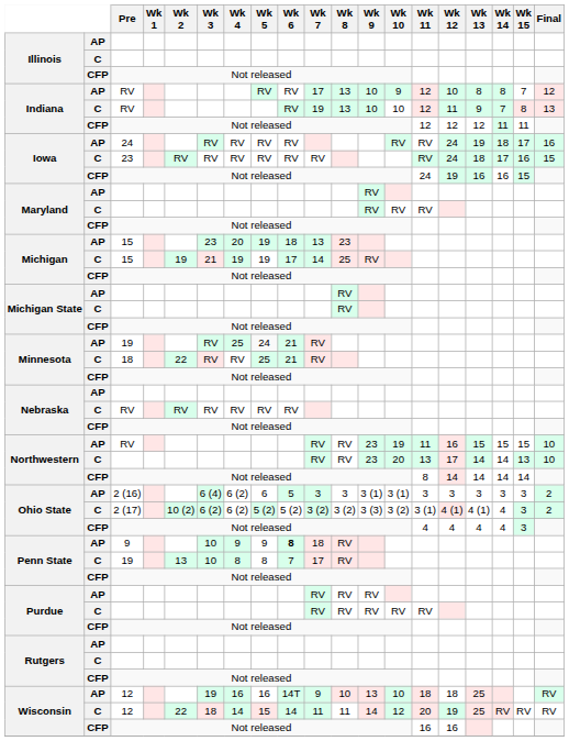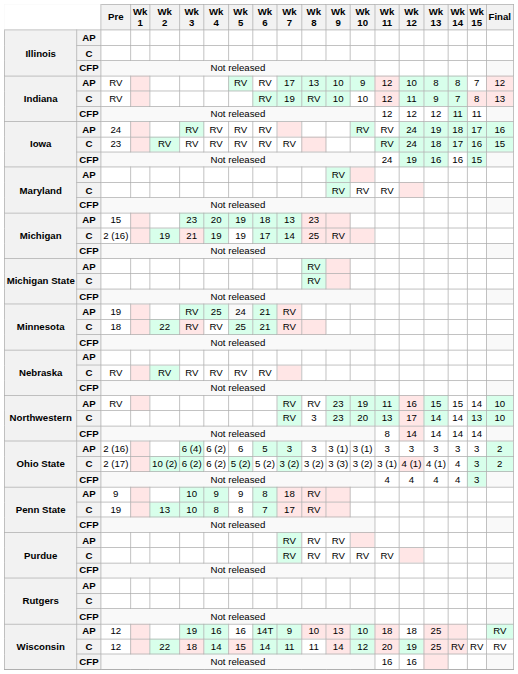 <table class="wikitable" style="white-space:nowrap;font-size:85%;">
 <tr>
 <th colspan=2 style="background:white; border-top-style:hidden; border-left-style:hidden;"> </th>
 <th>Pre</th>
 <th>Wk<br>1</th>
 <th>Wk<br>2</th>
 <th>Wk<br>3</th>
 <th>Wk<br>4</th>
 <th>Wk<br>5</th>
 <th>Wk<br>6</th>
 <th>Wk<br>7</th>
 <th>Wk<br>8</th>
 <th>Wk<br>9</th>
 <th>Wk<br>10</th>
 <th>Wk<br>11</th>
 <th>Wk<br>12</th>
 <th>Wk<br>13</th>
 <th>Wk<br>14</th>
 <th>Wk<br>15</th>
 <th>Final</th>
 </tr>
 <tr style="text-align:center;">
 <th rowspan="3">Illinois</th>
 <th>AP</th>
 <td style="background:#FFF;"></td>
 <td style="background:#FFF;"></td>
 <td style="background:#FFF;"></td>
 <td style="background:#FFF;"></td>
 <td style="background:#FFF;"></td>
 <td style="background:#FFF;"></td>
 <td style="background:#FFF;"></td>
 <td style="background:#FFF;"></td>
 <td style="background:#FFF;"></td>
 <td style="background:#FFF;"></td>
 <td style="background:#FFF;"></td>
 <td style="background:#FFF;"></td>
 <td style="background:#FFF;"></td>
 <td style="background:#FFF;"></td>
 <td style="background:#FFF;"></td>
 <td style="background:#FFF;"></td>
 <td style="background:#FFF;"></td>
 </tr>
 <tr style="text-align:center;">
 <th>C</th>
 <td style="background:#FFF;"></td>
 <td style="background:#FFF;"></td>
 <td style="background:#FFF;"></td>
 <td style="background:#FFF;"></td>
 <td style="background:#FFF;"></td>
 <td style="background:#FFF;"></td>
 <td style="background:#FFF;"></td>
 <td style="background:#FFF;"></td>
 <td style="background:#FFF;"></td>
 <td style="background:#FFF;"></td>
 <td style="background:#FFF;"></td>
 <td style="background:#FFF;"></td>
 <td style="background:#FFF;"></td>
 <td style="background:#FFF;"></td>
 <td style="background:#FFF;"></td>
 <td style="background:#FFF;"></td>
 <td style="background:#FFF;"></td>
 </tr>
 <tr style="text-align:center;">
 <th>CFP</th>
 <td colspan="11" style="text-align:center;">Not released</td>
 <td style="background:#FFF;"></td>
 <td style="background:#FFF;"></td>
 <td style="background:#FFF;"></td>
 <td style="background:#FFF;"></td>
 <td style="background:#FFF;"></td>
 <td style="text-align:center;"></td>
 </tr>
 <tr style="text-align:center;">
 <th rowspan="3">Indiana</th>
 <th>AP</th>
 <td style="background:#FFF;">RV</td>
 <td style="background:#ffe6e6;"></td>
 <td style="background:#FFF;"></td>
 <td style="background:#FFF;"></td>
 <td style="background:#FFF;"></td>
 <td style="background:#d8ffeb;">RV</td>
 <td style="background:#FFF;">RV</td>
 <td style="background:#d8ffeb;">17</td>
 <td style="background:#d8ffeb;">13</td>
 <td style="background:#d8ffeb;">10</td>
 <td style="background:#d8ffeb;">9</td>
 <td style="background:#ffe6e6;">12</td>
 <td style="background:#d8ffeb;">10</td>
 <td style="background:#d8ffeb;">8</td>
 <td style="background:#d8ffeb;">8</td>
 <td style="background:#FFF;">7</td>
 <td style="background:#ffe6e6;">12</td>
 </tr>
 <tr style="text-align:center;">
 <th>C</th>
 <td style="background:#FFF;">RV</td>
 <td style="background:#ffe6e6;"></td>
 <td style="background:#FFF;"></td>
 <td style="background:#FFF;"></td>
 <td style="background:#FFF;"></td>
 <td style="background:#FFF;"></td>
 <td style="background:#d8ffeb;">RV</td>
 <td style="background:#d8ffeb;">19</td>
-<td style="background:#d8ffeb;">13</td>
+<td style="background:#d8ffeb;">RV</td>
 <td style="background:#d8ffeb;">10</td>
 <td style="background:#FFF;">10</td>
 <td style="background:#ffe6e6;">12</td>
 <td style="background:#d8ffeb;">11</td>
 <td style="background:#d8ffeb;">9</td>
 <td style="background:#d8ffeb;">7</td>
 <td style="background:#ffe6e6;">8</td>
 <td style="background:#ffe6e6;">13</td>
 </tr>
 <tr style="text-align:center;">
 <th>CFP</th>
 <td colspan="11" style="text-align:center;">Not released</td>
 <td style="background:#FFF;">12</td>
 <td style="background:#FFF;">12</td>
 <td style="background:#FFF;">12</td>
 <td style="background:#d8ffeb;">11</td>
 <td style="background:#FFF;">11</td>
 <td style="text-align:center;"></td>
 </tr>
 <tr style="text-align:center;">
 <th rowspan="3">Iowa</th>
 <th>AP</th>
 <td style="background:#FFF;">24</td>
 <td style="background:#ffe6e6;"></td>
 <td style="background:#FFF;"></td>
 <td style="background:#d8ffeb;">RV</td>
 <td style="background:#FFF;">RV</td>
 <td style="background:#FFF;">RV</td>
 <td style="background:#FFF;">RV</td>
 <td style="background:#ffe6e6;"></td>
 <td style="background:#FFF;"></td>
 <td style="background:#FFF;"></td>
 <td style="background:#d8ffeb;">RV</td>
 <td style="background:#FFF;">RV</td>
 <td style="background:#d8ffeb;">24</td>
 <td style="background:#d8ffeb;">19</td>
 <td style="background:#d8ffeb;">18</td>
 <td style="background:#d8ffeb;">17</td>
 <td style="background:#d8ffeb;">16</td>
 </tr>
 <tr style="text-align:center;">
 <th>C</th>
 <td style="background:#FFF;">23</td>
 <td style="background:#ffe6e6;"></td>
 <td style="background:#d8ffeb;">RV</td>
 <td style="background:#FFF;">RV</td>
 <td style="background:#FFF;">RV</td>
 <td style="background:#FFF;">RV</td>
 <td style="background:#FFF;">RV</td>
 <td style="background:#FFF;">RV</td>
 <td style="background:#ffe6e6;"></td>
 <td style="background:#FFF;"></td>
 <td style="background:#FFF;"></td>
 <td style="background:#d8ffeb;">RV</td>
 <td style="background:#d8ffeb;">24</td>
 <td style="background:#d8ffeb;">18</td>
 <td style="background:#d8ffeb;">17</td>
 <td style="background:#d8ffeb;">16</td>
 <td style="background:#d8ffeb;">15</td>
 </tr>
 <tr style="text-align:center;">
 <th>CFP</th>
 <td colspan="11" style="text-align:center;">Not released</td>
 <td style="background:#FFF;">24</td>
 <td style="background:#d8ffeb;">19</td>
 <td style="background:#d8ffeb;">16</td>
 <td style="background:#FFF;">16</td>
 <td style="background:#d8ffeb;">15</td>
 <td style="text-align:center;"></td>
 </tr>
 <tr style="text-align:center;">
 <th rowspan="3">Maryland</th>
 <th>AP</th>
 <td style="background:#FFF;"></td>
 <td style="background:#FFF;"></td>
 <td style="background:#FFF;"></td>
 <td style="background:#FFF;"></td>
 <td style="background:#FFF;"></td>
 <td style="background:#FFF;"></td>
 <td style="background:#FFF;"></td>
 <td style="background:#FFF;"></td>
 <td style="background:#FFF;"></td>
 <td style="background:#d8ffeb;">RV</td>
 <td style="background:#ffe6e6;"></td>
 <td style="background:#FFF;"></td>
 <td style="background:#FFF;"></td>
 <td style="background:#FFF;"></td>
 <td style="background:#FFF;"></td>
 <td style="background:#FFF;"></td>
 <td style="background:#FFF;"></td>
 </tr>
 <tr style="text-align:center;">
 <th>C</th>
 <td style="background:#FFF;"></td>
 <td style="background:#FFF;"></td>
 <td style="background:#FFF;"></td>
 <td style="background:#FFF;"></td>
 <td style="background:#FFF;"></td>
 <td style="background:#FFF;"></td>
 <td style="background:#FFF;"></td>
 <td style="background:#FFF;"></td>
 <td style="background:#FFF;"></td>
 <td style="background:#d8ffeb;">RV</td>
 <td style="background:#FFF;">RV</td>
 <td style="background:#FFF;">RV</td>
 <td style="background:#ffe6e6;"></td>
 <td style="background:#FFF;"></td>
 <td style="background:#FFF;"></td>
 <td style="background:#FFF;"></td>
 <td style="background:#FFF;"></td>
 </tr>
 <tr style="text-align:center;">
 <th>CFP</th>
 <td colspan="11" style="text-align:center;">Not released</td>
 <td style="background:#FFF;"></td>
 <td style="background:#FFF;"></td>
 <td style="background:#FFF;"></td>
 <td style="background:#FFF;"></td>
 <td style="background:#FFF;"></td>
 <td style="text-align:center;"></td>
 </tr>
 <tr style="text-align:center;">
 <th rowspan="3">Michigan</th>
 <th>AP</th>
 <td style="background:#FFF;">15</td>
 <td style="background:#ffe6e6;"></td>
 <td style="background:#FFF;"></td>
 <td style="background:#d8ffeb;">23</td>
 <td style="background:#d8ffeb;">20</td>
 <td style="background:#d8ffeb;">19</td>
 <td style="background:#d8ffeb;">18</td>
 <td style="background:#d8ffeb;">13</td>
 <td style="background:#ffe6e6;">23</td>
 <td style="background:#ffe6e6;"></td>
 <td style="background:#FFF;"></td>
 <td style="background:#FFF;"></td>
 <td style="background:#FFF;"></td>
 <td style="background:#FFF;"></td>
 <td style="background:#FFF;"></td>
 <td style="background:#FFF;"></td>
 <td style="background:#FFF;"></td>
 </tr>
 <tr style="text-align:center;">
 <th>C</th>
-<td style="background:#FFF;">15</td>
+<td style="background:#FFF;">2 (16)</td>
 <td style="background:#ffe6e6;"></td>
 <td style="background:#d8ffeb;">19</td>
 <td style="background:#ffe6e6;">21</td>
 <td style="background:#d8ffeb;">19</td>
 <td style="background:#FFF;">19</td>
 <td style="background:#d8ffeb;">17</td>
 <td style="background:#d8ffeb;">14</td>
 <td style="background:#ffe6e6;">25</td>
 <td style="background:#ffe6e6;">RV</td>
 <td style="background:#ffe6e6;"></td>
 <td style="background:#FFF;"></td>
 <td style="background:#FFF;"></td>
 <td style="background:#FFF;"></td>
 <td style="background:#FFF;"></td>
 <td style="background:#FFF;"></td>
 <td style="background:#FFF;"></td>
 </tr>
 <tr style="text-align:center;">
 <th>CFP</th>
 <td colspan="11" style="text-align:center;">Not released</td>
 <td style="background:#FFF;"></td>
 <td style="background:#FFF;"></td>
 <td style="background:#FFF;"></td>
 <td style="background:#FFF;"></td>
 <td style="background:#FFF;"></td>
 <td style="text-align:center;"></td>
 </tr>
 <tr style="text-align:center;">
 <th rowspan="3">Michigan State</th>
 <th>AP</th>
 <td style="background:#FFF;"></td>
 <td style="background:#FFF;"></td>
 <td style="background:#FFF;"></td>
 <td style="background:#FFF;"></td>
 <td style="background:#FFF;"></td>
 <td style="background:#FFF;"></td>
 <td style="background:#FFF;"></td>
 <td style="background:#FFF;"></td>
 <td style="background:#d8ffeb;">RV</td>
 <td style="background:#ffe6e6;"></td>
 <td style="background:#FFF;"></td>
 <td style="background:#FFF;"></td>
 <td style="background:#FFF;"></td>
 <td style="background:#FFF;"></td>
 <td style="background:#FFF;"></td>
 <td style="background:#FFF;"></td>
 <td style="background:#FFF;"></td>
 </tr>
 <tr style="text-align:center;">
 <th>C</th>
 <td style="background:#FFF;"></td>
 <td style="background:#FFF;"></td>
 <td style="background:#FFF;"></td>
 <td style="background:#FFF;"></td>
 <td style="background:#FFF;"></td>
 <td style="background:#FFF;"></td>
 <td style="background:#FFF;"></td>
 <td style="background:#FFF;"></td>
 <td style="background:#d8ffeb;">RV</td>
 <td style="background:#ffe6e6;"></td>
 <td style="background:#FFF;"></td>
 <td style="background:#FFF;"></td>
 <td style="background:#FFF;"></td>
 <td style="background:#FFF;"></td>
 <td style="background:#FFF;"></td>
 <td style="background:#FFF;"></td>
 <td style="background:#FFF;"></td>
 </tr>
 <tr style="text-align:center;">
 <th>CFP</th>
 <td colspan="11" style="text-align:center;">Not released</td>
 <td style="background:#FFF;"></td>
 <td style="background:#FFF;"></td>
 <td style="background:#FFF;"></td>
 <td style="background:#FFF;"></td>
 <td style="background:#FFF;"></td>
 <td style="text-align:center;"></td>
 </tr>
 <tr style="text-align:center;">
 <th rowspan="3">Minnesota</th>
 <th>AP</th>
 <td style="background:#FFF;">19</td>
 <td style="background:#ffe6e6;"></td>
 <td style="background:#FFF;"></td>
 <td style="background:#d8ffeb;">RV</td>
 <td style="background:#d8ffeb;">25</td>
 <td style="background:#s8ffeb;">24</td>
 <td style="background:#d8ffeb;">21</td>
 <td style="background:#ffe6e6;">RV</td>
 <td style="background:#FFF;"></td>
 <td style="background:#FFF;"></td>
 <td style="background:#FFF;"></td>
 <td style="background:#FFF;"></td>
 <td style="background:#FFF;"></td>
 <td style="background:#FFF;"></td>
 <td style="background:#FFF;"></td>
 <td style="background:#FFF;"></td>
 <td style="background:#FFF;"></td>
 </tr>
 <tr style="text-align:center;">
 <th>C</th>
 <td style="background:#FFF;">18</td>
 <td style="background:#ffe6e6;"></td>
 <td style="background:#d8ffeb;">22</td>
 <td style="background:#ffe6e6;">RV</td>
 <td style="background:#FFF;">RV</td>
 <td style="background:#d8ffeb;">25</td>
 <td style="background:#d8ffeb;">21</td>
 <td style="background:#ffe6e6;">RV</td>
 <td style="background:#ffe6e6;"></td>
 <td style="background:#FFF;"></td>
 <td style="background:#FFF;"></td>
 <td style="background:#FFF;"></td>
 <td style="background:#FFF;"></td>
 <td style="background:#FFF;"></td>
 <td style="background:#FFF;"></td>
 <td style="background:#FFF;"></td>
 <td style="background:#FFF;"></td>
 </tr>
 <tr style="text-align:center;">
 <th>CFP</th>
 <td colspan="11" style="text-align:center;">Not released</td>
 <td style="background:#FFF;"></td>
 <td style="background:#FFF;"></td>
 <td style="background:#FFF;"></td>
 <td style="background:#FFF;"></td>
 <td style="background:#FFF;"></td>
 <td style="text-align:center;"></td>
 </tr>
 <tr style="text-align:center;">
 <th rowspan="3">Nebraska</th>
 <th>AP</th>
 <td style="background:#FFF;"></td>
 <td style="background:#FFF;"></td>
 <td style="background:#FFF;"></td>
 <td style="background:#FFF;"></td>
 <td style="background:#FFF;"></td>
 <td style="background:#FFF;"></td>
 <td style="background:#FFF;"></td>
 <td style="background:#FFF;"></td>
 <td style="background:#FFF;"></td>
 <td style="background:#FFF;"></td>
 <td style="background:#FFF;"></td>
 <td style="background:#FFF;"></td>
 <td style="background:#FFF;"></td>
 <td style="background:#FFF;"></td>
 <td style="background:#FFF;"></td>
 <td style="background:#FFF;"></td>
 <td style="background:#FFF;"></td>
 </tr>
 <tr style="text-align:center;">
 <th>C</th>
 <td style="background:#FFF;">RV</td>
 <td style="background:#ffe6e6;"></td>
 <td style="background:#d8ffeb;">RV</td>
 <td style="background:#FFF;">RV</td>
 <td style="background:#FFF;">RV</td>
 <td style="background:#FFF;">RV</td>
 <td style="background:#FFF;">RV</td>
 <td style="background:#ffe6e6;"></td>
 <td style="background:#FFF;"></td>
 <td style="background:#FFF;"></td>
 <td style="background:#FFF;"></td>
 <td style="background:#FFF;"></td>
 <td style="background:#FFF;"></td>
 <td style="background:#FFF;"></td>
 <td style="background:#FFF;"></td>
 <td style="background:#FFF;"></td>
 <td style="background:#FFF;"></td>
 </tr>
 <tr style="text-align:center;">
 <th>CFP</th>
 <td colspan="11" style="text-align:center;">Not released</td>
 <td style="background:#FFF;"></td>
 <td style="background:#FFF;"></td>
 <td style="background:#FFF;"></td>
 <td style="background:#FFF;"></td>
 <td style="background:#FFF;"></td>
 <td style="text-align:center;"></td>
 </tr>
 <tr style="text-align:center;">
 <th rowspan="3">Northwestern</th>
 <th>AP</th>
 <td style="background:#FFF;">RV</td>
 <td style="background:#ffe6e6;"></td>
 <td style="background:#FFF;"></td>
 <td style="background:#FFF;"></td>
 <td style="background:#FFF;"></td>
 <td style="background:#FFF;"></td>
 <td style="background:#FFF;"></td>
 <td style="background:#d8ffeb;">RV</td>
 <td style="background:#FFF;">RV</td>
 <td style="background:#d8ffeb;">23</td>
 <td style="background:#d8ffeb;">19</td>
 <td style="background:#d8ffeb;">11</td>
 <td style="background:#ffe6e6;">16</td>
 <td style="background:#d8ffeb;">15</td>
 <td style="background:#FFF;">15</td>
-<td style="background:#FFF;">15</td>
+<td style="background:#FFF;">14</td>
 <td style="background:#d8ffeb;">10</td>
 </tr>
 <tr style="text-align:center;">
 <th>C</th>
 <td style="background:#FFF;"></td>
 <td style="background:#FFF;"></td>
 <td style="background:#FFF;"></td>
 <td style="background:#FFF;"></td>
 <td style="background:#FFF;"></td>
 <td style="background:#FFF;"></td>
 <td style="background:#FFF;"></td>
 <td style="background:#d8ffeb;">RV</td>
-<td style="background:#FFF;">RV</td>
+<td style="background:#FFF;">3</td>
 <td style="background:#d8ffeb;">23</td>
 <td style="background:#d8ffeb;">20</td>
 <td style="background:#d8ffeb;">13</td>
 <td style="background:#ffe6e6;">17</td>
 <td style="background:#d8ffeb;">14</td>
 <td style="background:#FFF;">14</td>
 <td style="background:#d8ffeb;">13</td>
 <td style="background:#d8ffeb;">10</td>
 </tr>
 <tr style="text-align:center;">
 <th>CFP</th>
 <td colspan="11" style="text-align:center;">Not released</td>
 <td style="background:#FFF;">8</td>
 <td style="background:#ffe6e6;">14</td>
 <td style="background:#FFF;">14</td>
 <td style="background:#FFF;">14</td>
 <td style="background:#FFF;">14</td>
 <td style="text-align:center;"></td>
 </tr>
 <tr style="text-align:center;">
 <th rowspan="3">Ohio State</th>
 <th>AP</th>
 <td style="background:#FFF;">2 (16)</td>
 <td style="background:#ffe6e6;"></td>
 <td style="background:#FFF;"></td>
 <td style="background:#d8ffeb;">6 (4)</td>
 <td style="background:#FFF;">6 (2)</td>
 <td style="background:#FFF;">6</td>
 <td style="background:#d8ffeb;">5</td>
 <td style="background:#d8ffeb;">3</td>
 <td style="background:#FFF;">3</td>
 <td style="background:#FFF;">3 (1)</td>
 <td style="background:#FFF;">3 (1)</td>
 <td style="background:#FFF;">3</td>
 <td style="background:#FFF;">3</td>
 <td style="background:#FFF;">3</td>
 <td style="background:#FFF;">3</td>
 <td style="background:#FFF;">3</td>
 <td style="background:#d8ffeb;">2</td>
 </tr>
 <tr style="text-align:center;">
 <th>C</th>
 <td style="background:#FFF;">2 (17)</td>
 <td style="background:#ffe6e6;"></td>
 <td style="background:#d8ffeb;">10 (2)</td>
 <td style="background:#d8ffeb;">6 (2)</td>
 <td style="background:#FFF;">6 (2)</td>
 <td style="background:#d8ffeb;">5 (2)</td>
 <td style="background:#FFF;">5 (2)</td>
 <td style="background:#d8ffeb;">3 (2)</td>
 <td style="background:#FFF;">3 (2)</td>
 <td style="background:#FFF;">3 (3)</td>
 <td style="background:#FFF;">3 (2)</td>
 <td style="background:#FFF;">3 (1)</td>
 <td style="background:#ffe6e6;">4 (1)</td>
 <td style="background:#FFF;">4 (1)</td>
 <td style="background:#FFF;">4</td>
 <td style="background:#d8ffeb;">3</td>
 <td style="background:#d8ffeb;">2</td>
 </tr>
 <tr style="text-align:center;">
 <th>CFP</th>
 <td colspan="11" style="text-align:center;">Not released</td>
 <td style="background:#FFF;">4</td>
 <td style="background:#FFF;">4</td>
 <td style="background:#FFF;">4</td>
 <td style="background:#FFF;">4</td>
 <td style="background:#d8ffeb;">3</td>
 <td style="text-align:center;"></td>
 </tr>
 <tr style="text-align:center;">
 <th rowspan="3">Penn State</th>
 <th>AP</th>
 <td style="background:#FFF;">9</td>
 <td style="background:#ffe6e6;"></td>
 <td style="background:#FFF;"></td>
 <td style="background:#d8ffeb;">10</td>
 <td style="background:#d8ffeb;">9</td>
 <td style="background:#FFF;">9</td>
-<td style="background:#d8ffeb;"><strong>8</strong></td>
+<td style="background:#d8ffeb;">8</td>
 <td style="background:#ffe6e6;">18</td>
 <td style="background:#ffe6e6;">RV</td>
 <td style="background:#ffe6e6;"></td>
 <td style="background:#FFF;"></td>
 <td style="background:#FFF;"></td>
 <td style="background:#FFF;"></td>
 <td style="background:#FFF;"></td>
 <td style="background:#FFF;"></td>
 <td style="background:#FFF;"></td>
 <td style="background:#FFF;"></td>
 </tr>
 <tr style="text-align:center;">
 <th>C</th>
 <td style="background:#FFF;">19</td>
 <td style="background:#ffe6e6;"></td>
 <td style="background:#d8ffeb;">13</td>
 <td style="background:#d8ffeb;">10</td>
 <td style="background:#d8ffeb;">8</td>
 <td style="background:#FFF;">8</td>
 <td style="background:#d8ffeb;">7</td>
 <td style="background:#ffe6e6;">17</td>
 <td style="background:#ffe6e6;">RV</td>
 <td style="background:#ffe6e6;"></td>
 <td style="background:#FFF;"></td>
 <td style="background:#FFF;"></td>
 <td style="background:#FFF;"></td>
 <td style="background:#FFF;"></td>
 <td style="background:#FFF;"></td>
 <td style="background:#FFF;"></td>
 <td style="background:#FFF;"></td>
 </tr>
 <tr style="text-align:center;">
 <th>CFP</th>
 <td colspan="11" style="text-align:center;">Not released</td>
 <td style="background:#FFF;"></td>
 <td style="background:#FFF;"></td>
 <td style="background:#FFF;"></td>
 <td style="background:#FFF;"></td>
 <td style="background:#FFF;"></td>
 <td style="text-align:center;"></td>
 </tr>
 <tr style="text-align:center;">
 <th rowspan="3">Purdue</th>
 <th>AP</th>
 <td style="background:#FFF;"></td>
 <td style="background:#FFF;"></td>
 <td style="background:#FFF;"></td>
 <td style="background:#FFF;"></td>
 <td style="background:#FFF;"></td>
 <td style="background:#FFF;"></td>
 <td style="background:#FFF;"></td>
 <td style="background:#d8ffeb;">RV</td>
 <td style="background:#FFF;">RV</td>
 <td style="background:#FFF;">RV</td>
 <td style="background:#ffe6e6;"></td>
 <td style="background:#FFF;"></td>
 <td style="background:#FFF;"></td>
 <td style="background:#FFF;"></td>
 <td style="background:#FFF;"></td>
 <td style="background:#FFF;"></td>
 <td style="background:#FFF;"></td>
 </tr>
 <tr style="text-align:center;">
 <th>C</th>
 <td style="background:#FFF;"></td>
 <td style="background:#FFF;"></td>
 <td style="background:#FFF;"></td>
 <td style="background:#FFF;"></td>
 <td style="background:#FFF;"></td>
 <td style="background:#FFF;"></td>
 <td style="background:#FFF;"></td>
 <td style="background:#d8ffeb;">RV</td>
 <td style="background:#FFF;">RV</td>
 <td style="background:#FFF;">RV</td>
 <td style="background:#FFF;">RV</td>
 <td style="background:#FFF;">RV</td>
 <td style="background:#ffe6e6;"></td>
 <td style="background:#FFF;"></td>
 <td style="background:#FFF;"></td>
 <td style="background:#FFF;"></td>
 <td style="background:#FFF;"></td>
 </tr>
 <tr style="text-align:center;">
 <th>CFP</th>
 <td colspan="11" style="text-align:center;">Not released</td>
 <td style="background:#FFF;"></td>
 <td style="background:#FFF;"></td>
 <td style="background:#FFF;"></td>
 <td style="background:#FFF;"></td>
 <td style="background:#FFF;"></td>
 <td style="text-align:center;"></td>
 </tr>
 <tr style="text-align:center;">
 <th rowspan="3"><strong>Rutgers</strong></th>
 <th>AP</th>
 <td style="background:#FFF;"></td>
 <td style="background:#FFF;"></td>
 <td style="background:#FFF;"></td>
 <td style="background:#FFF;"></td>
 <td style="background:#FFF;"></td>
 <td style="background:#FFF;"></td>
 <td style="background:#FFF;"></td>
 <td style="background:#FFF;"></td>
 <td style="background:#FFF;"></td>
 <td style="background:#FFF;"></td>
 <td style="background:#FFF;"></td>
 <td style="background:#FFF;"></td>
 <td style="background:#FFF;"></td>
 <td style="background:#FFF;"></td>
 <td style="background:#FFF;"></td>
 <td style="background:#FFF;"></td>
 <td style="background:#FFF;"></td>
 </tr>
 <tr style="text-align:center;">
 <th>C</th>
 <td style="background:#FFF;"></td>
 <td style="background:#FFF;"></td>
 <td style="background:#FFF;"></td>
 <td style="background:#FFF;"></td>
 <td style="background:#FFF;"></td>
 <td style="background:#FFF;"></td>
 <td style="background:#FFF;"></td>
 <td style="background:#FFF;"></td>
 <td style="background:#FFF;"></td>
 <td style="background:#FFF;"></td>
 <td style="background:#FFF;"></td>
 <td style="background:#FFF;"></td>
 <td style="background:#FFF;"></td>
 <td style="background:#FFF;"></td>
 <td style="background:#FFF;"></td>
 <td style="background:#FFF;"></td>
 <td style="background:#FFF;"></td>
 </tr>
 <tr style="text-align:center;">
 <th>CFP</th>
 <td colspan="11" style="text-align:center;">Not released</td>
 <td style="background:#FFF;"></td>
 <td style="background:#FFF;"></td>
 <td style="background:#FFF;"></td>
 <td style="background:#FFF;"></td>
 <td style="background:#FFF;"></td>
 <td style="text-align:center;"></td>
 </tr>
 <tr style="text-align:center;">
 <th rowspan="3">Wisconsin</th>
 <th>AP</th>
 <td style="background:#FFF;">12</td>
 <td style="background:#ffe6e6;"></td>
 <td style="background:#FFF;"></td>
 <td style="background:#d8ffeb;">19</td>
 <td style="background:#d8ffeb;">16</td>
 <td style="background:#FFF;">16</td>
 <td style="background:#d8ffeb;">14T</td>
 <td style="background:#d8ffeb;">9</td>
 <td style="background:#ffe6e6;">10</td>
 <td style="background:#ffe6e6;">13</td>
 <td style="background:#d8ffeb;">10</td>
 <td style="background:#ffe6e6;">18</td>
 <td style="background:#FFF;">18</td>
 <td style="background:#ffe6e6;">25</td>
 <td style="background:#ffe6e6;"></td>
 <td style="background:#FFF;"></td>
 <td style="background:#d8ffeb;">RV</td>
 </tr>
 <tr style="text-align:center;">
 <th>C</th>
 <td style="background:#FFF;">12</td>
 <td style="background:#ffe6e6;"></td>
 <td style="background:#d8ffeb;">22</td>
 <td style="background:#ffe6e6;">18</td>
 <td style="background:#d8ffeb;">14</td>
 <td style="background:#ffe6e6;">15</td>
 <td style="background:#d8ffeb;">14</td>
 <td style="background:#d8ffeb;">11</td>
 <td style="background:#FFF;">11</td>
 <td style="background:#ffe6e6;">14</td>
 <td style="background:#d8ffeb;">12</td>
 <td style="background:#ffe6e6;">20</td>
 <td style="background:#d8ffeb;">19</td>
 <td style="background:#ffe6e6;">25</td>
 <td style="background:#ffe6e6;">RV</td>
 <td style="background:#FFF;">RV</td>
 <td style="background:#FFF;">RV</td>
 </tr>
 <tr style="text-align:center;">
 <th>CFP</th>
 <td colspan="11" style="text-align:center;">Not released</td>
 <td style="background:#FFF;">16</td>
 <td style="background:#FFF;">16</td>
 <td style="background:#ffe6e6;"></td>
 <td style="background:#FFF;"></td>
 <td style="background:#FFF;"></td>
 <td style="text-align:center;"></td>
 </tr>
 <tr style="text-align:center;">
 </tr>
 </table>
